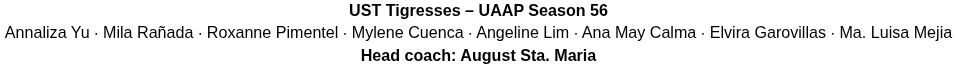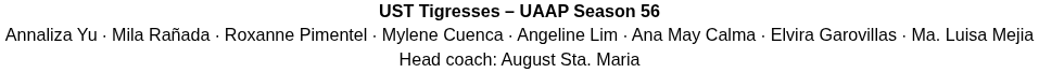 <table class='toccolours mw-collapsible mw-collapsed' width=100% style=font-size:95%>
 <tr>
 <th style=>UST Tigresses – UAAP Season 56</th>
 </tr>
 <tr align=center>
 <td>Annaliza Yu ∙ Mila Rañada ∙ Roxanne Pimentel ∙ Mylene Cuenca ∙ Angeline Lim ∙ Ana May Calma ∙ Elvira Garovillas ∙ Ma. Luisa Mejia</td>
 </tr>
 <tr align=center>
-<td><strong>Head coach: August Sta. Maria</strong></td>
+<td>Head coach: August Sta. Maria</td>
 </tr>
 </table>
